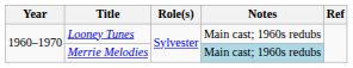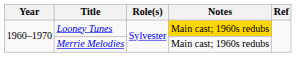 <table class="wikitable plainrowheaders sortable">
 <tr>
 <th scope="col">Year</th>
 <th scope="col">Title</th>
 <th scope="col">Role(s)</th>
 <th scope="col">Notes</th>
 <th scope="col" class="unsortable">Ref</th>
 </tr>
 <tr>
 <td rowspan="2">1960–1970</td>
 <td><em><a href='#'>Looney Tunes</a></em></td>
 <td rowspan="2"><a href='#'>Sylvester</a></td>
-<td>Main cast; 1960s redubs</td>
+<td style="background: gold;">Main cast; 1960s redubs</td>
 <td rowspan="2"></td>
 </tr>
 <tr>
 <td><em><a href='#'>Merrie Melodies</a></em></td>
-<td style="background: lightblue;">Main cast; 1960s redubs</td>
+<td>Main cast; 1960s redubs</td>
 </tr>
 </table>
